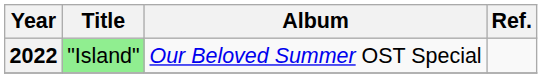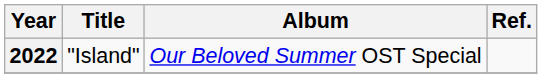 <table class="wikitable plainrowheaders" style="text-align:center">
 <tr>
 <th scope="col">Year</th>
 <th scope="col">Title</th>
 <th scope="col">Album</th>
 <th scope="col">Ref.</th>
 </tr>
 <tr>
 <th scope="row">2022</th>
-<td style="background: lightgreen;">"Island" <br></td>
+<td>"Island" <br></td>
 <td><em><a href='#'>Our Beloved Summer</a></em> OST Special</td>
 <td style="text-align:center"></td>
 </tr>
 <tr>
 </tr>
 </table>
